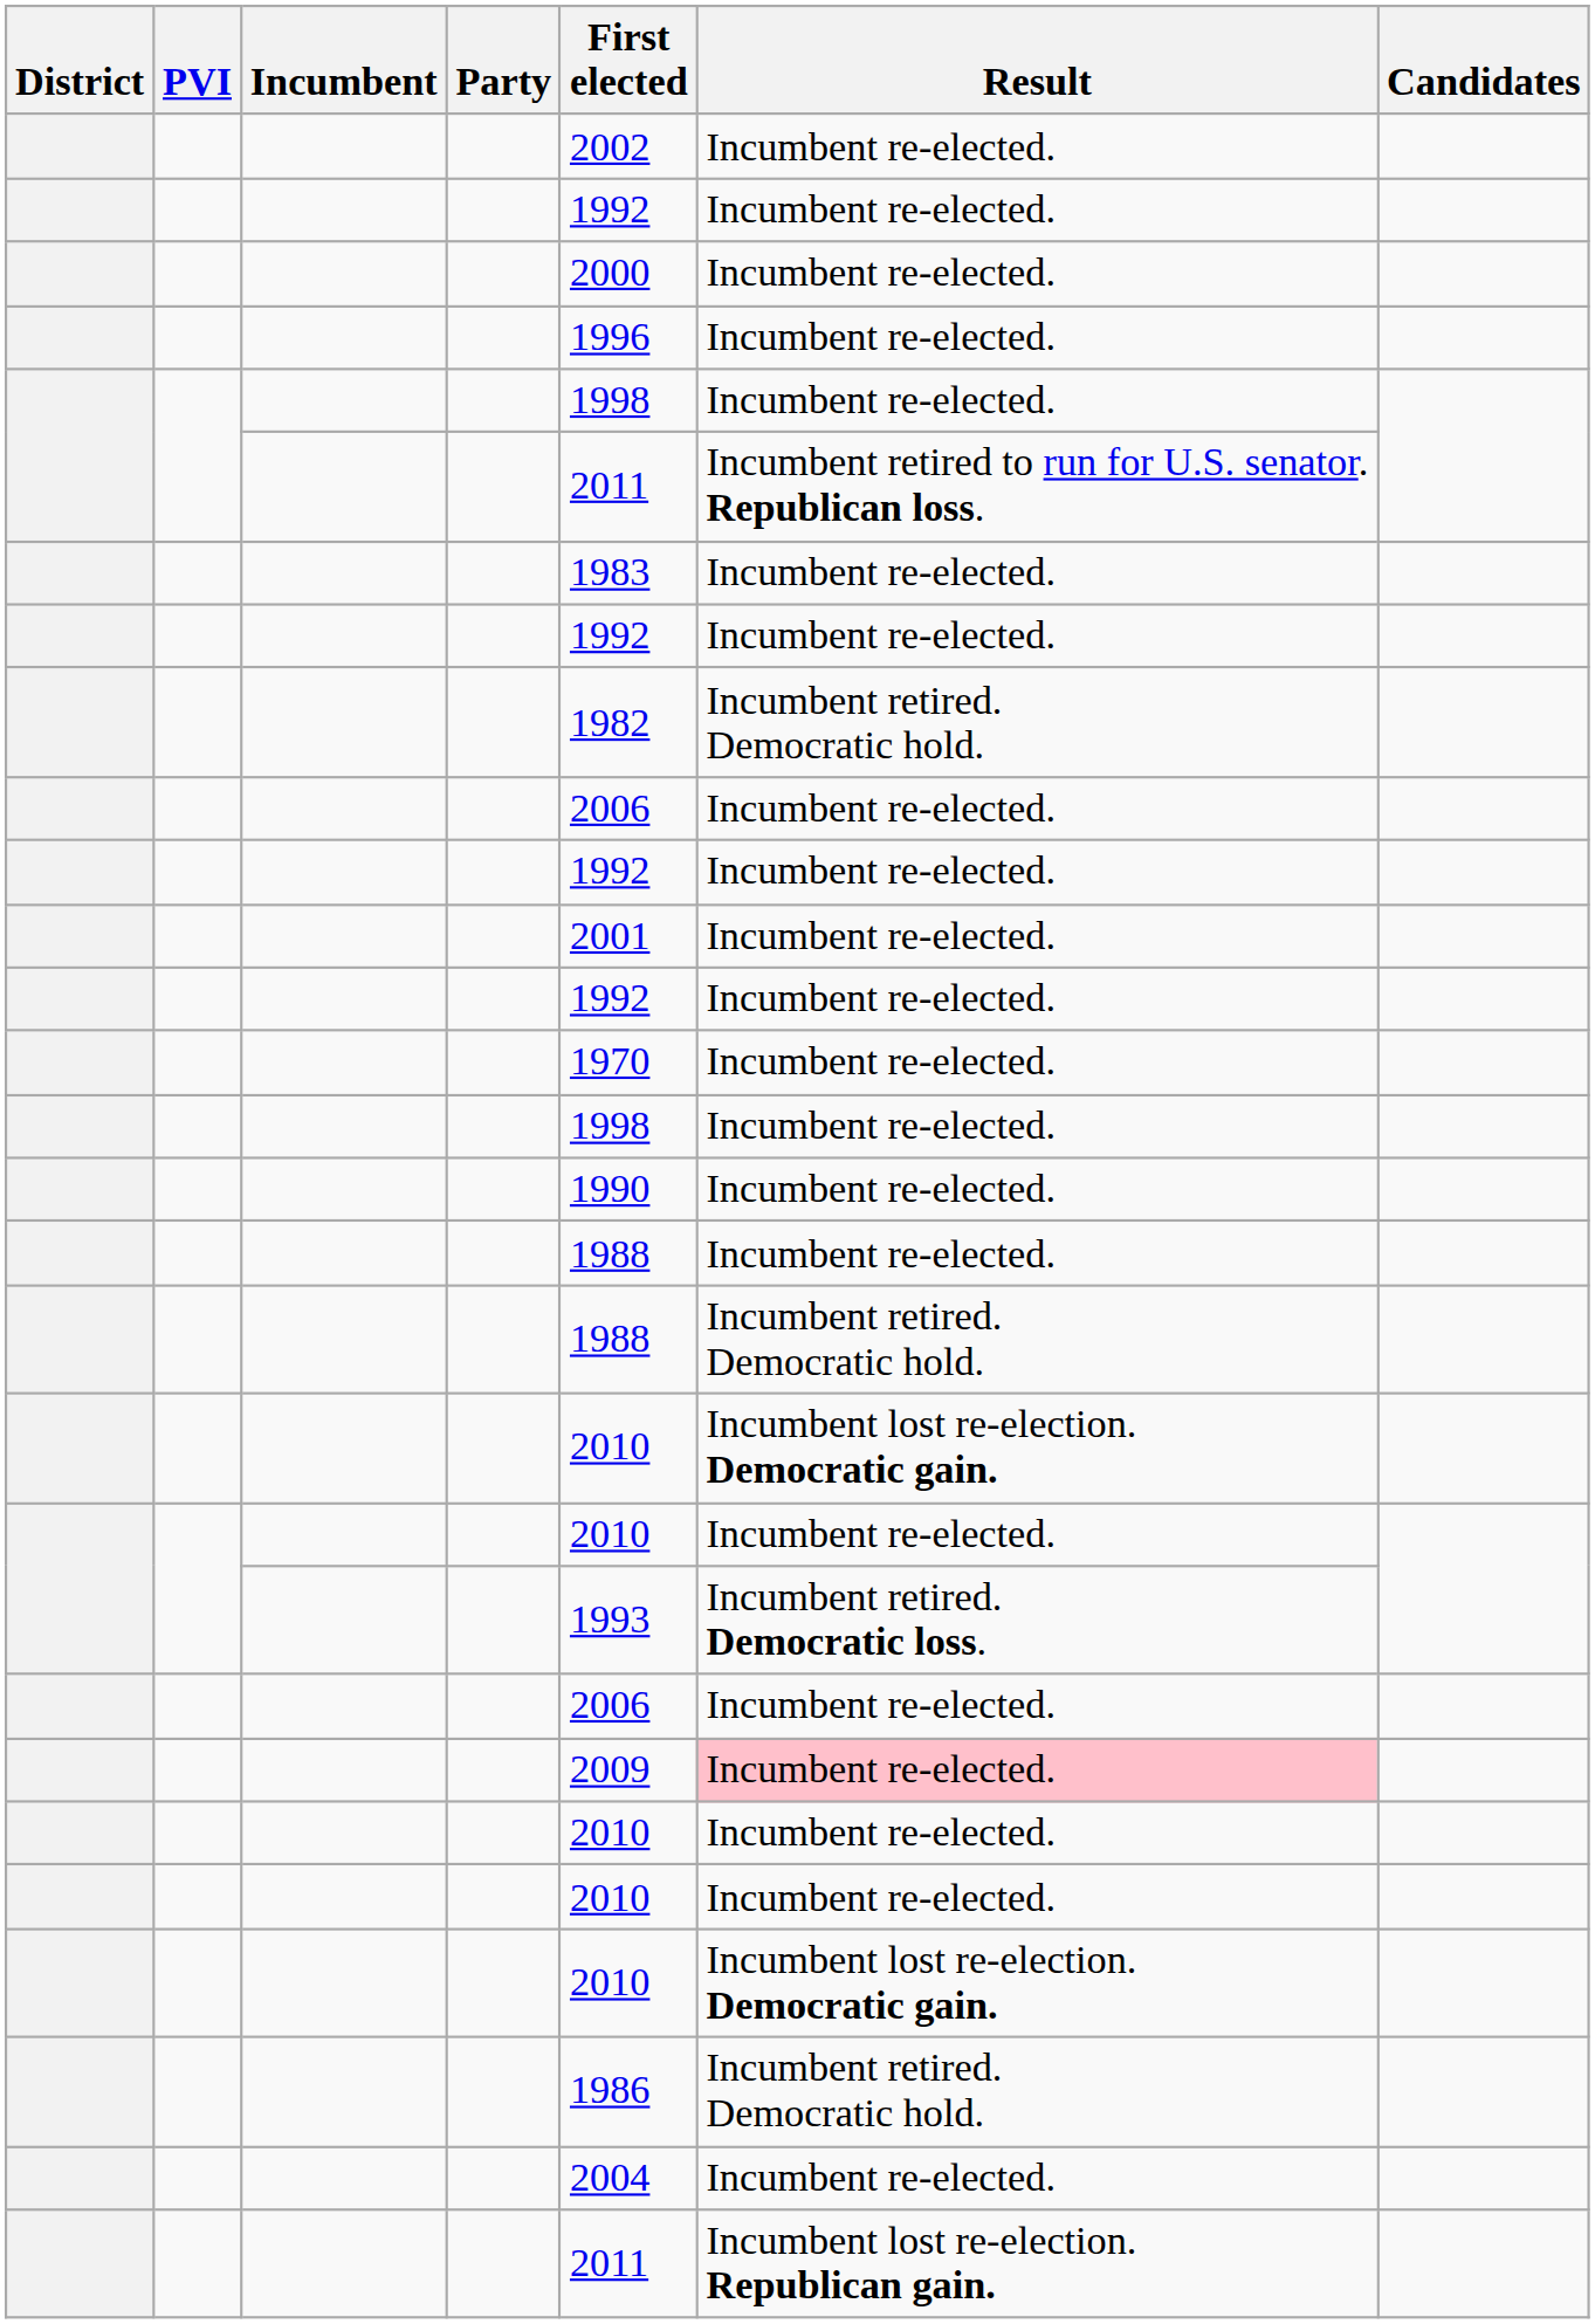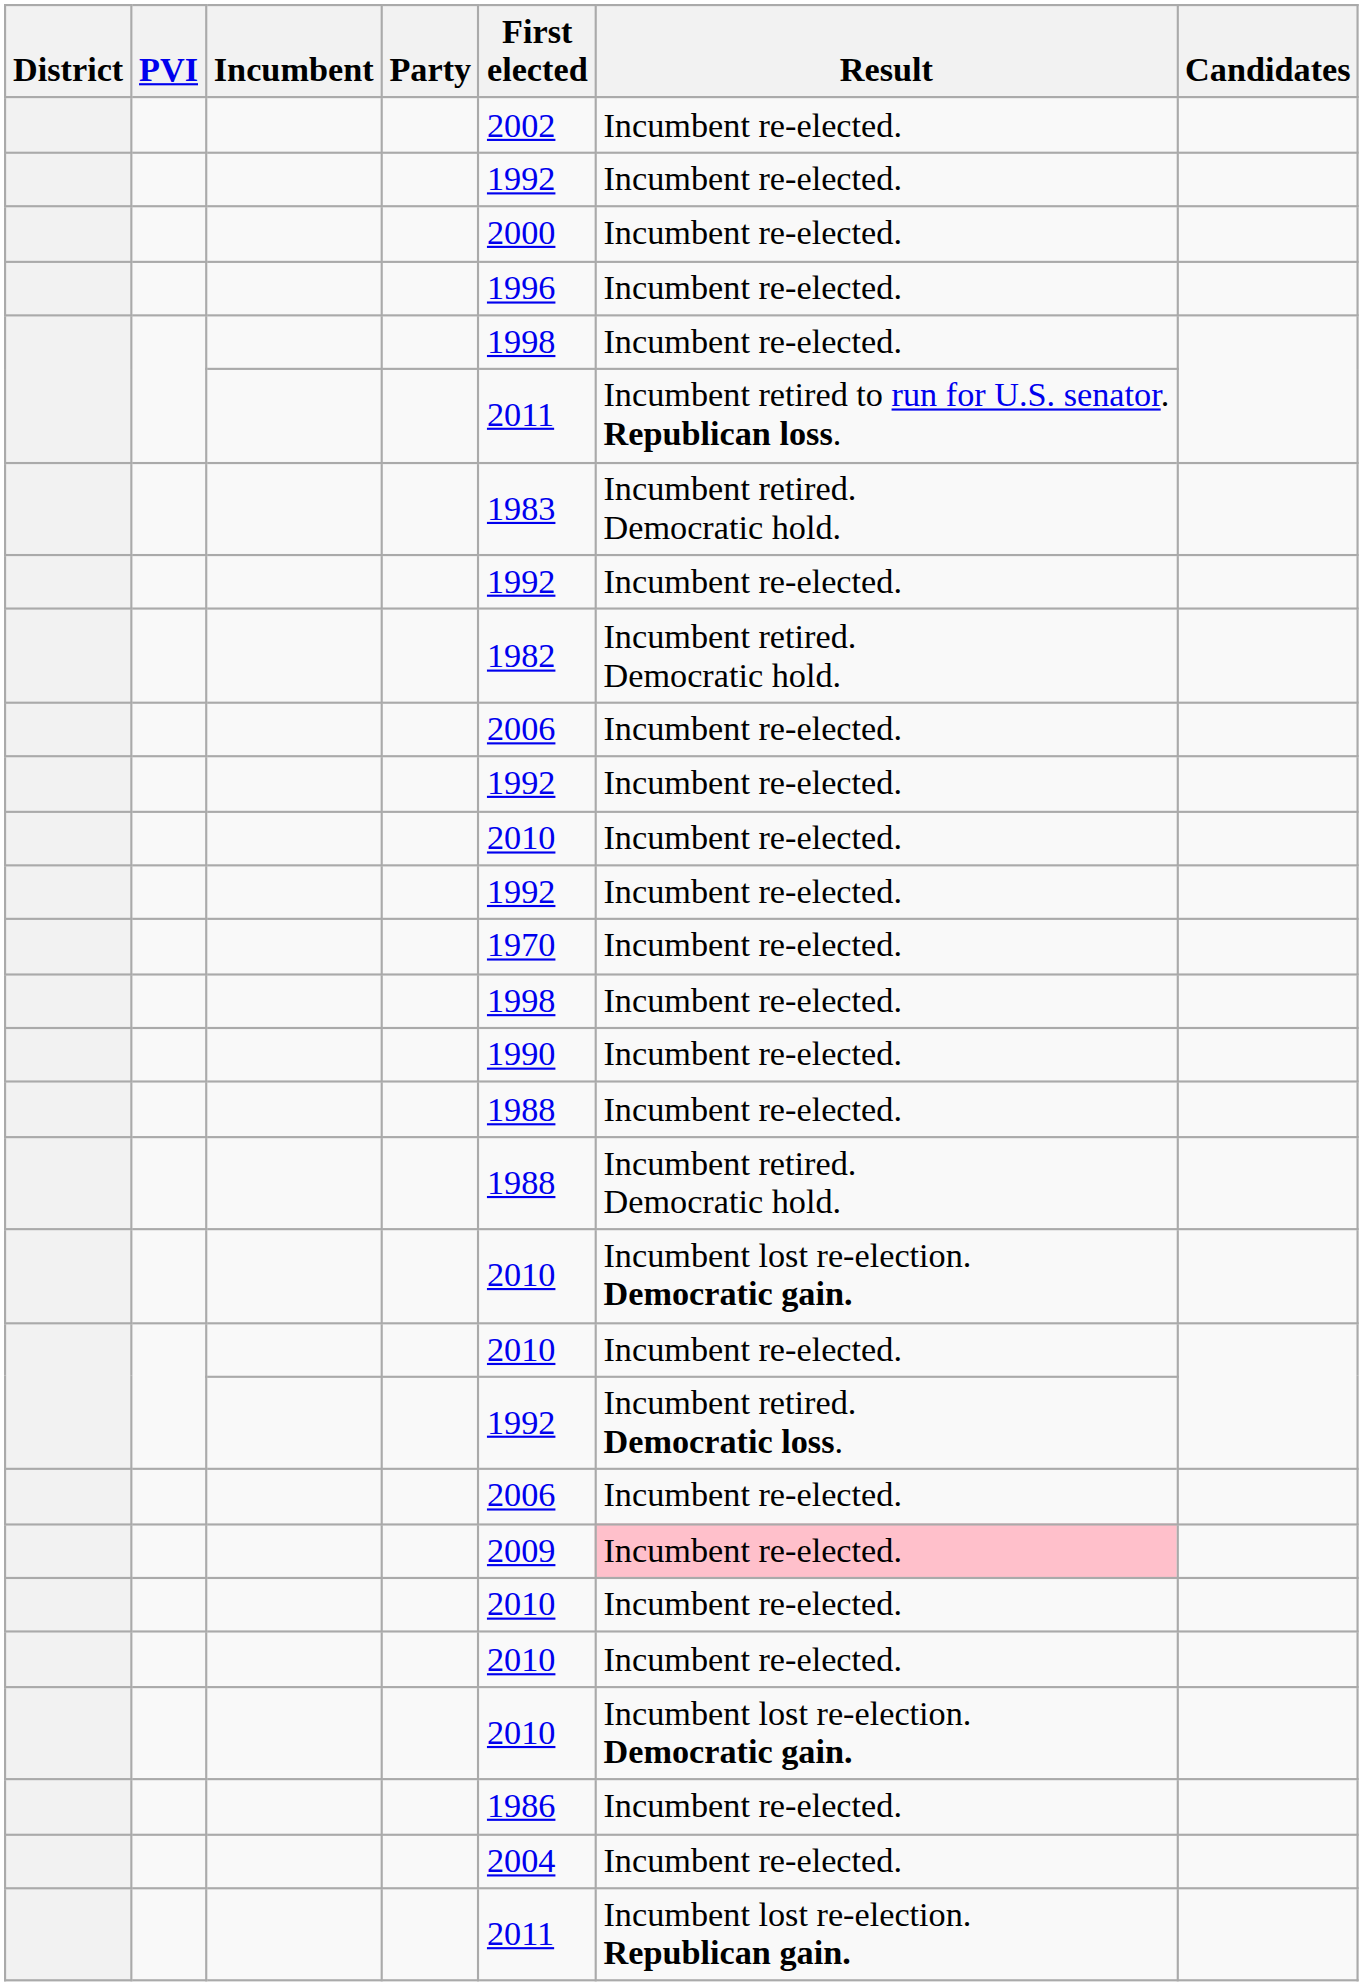 <table class="wikitable sortable">
 <tr valign=bottom>
 <th>District</th>
 <th><a href='#'>PVI</a></th>
 <th>Incumbent</th>
 <th>Party</th>
 <th>First<br>elected</th>
 <th>Result</th>
 <th>Candidates</th>
 </tr>
 <tr>
 <th></th>
 <td></td>
 <td></td>
 <td></td>
 <td><a href='#'>2002</a></td>
 <td>Incumbent re-elected.</td>
 <td nowrap></td>
 </tr>
 <tr>
 <th></th>
 <td></td>
 <td><br></td>
 <td></td>
 <td><a href='#'>1992</a></td>
 <td>Incumbent re-elected.</td>
 <td nowrap></td>
 </tr>
 <tr>
 <th></th>
 <td></td>
 <td><br></td>
 <td></td>
 <td><a href='#'>2000</a></td>
 <td>Incumbent re-elected.</td>
 <td nowrap></td>
 </tr>
 <tr>
 <th></th>
 <td></td>
 <td></td>
 <td></td>
 <td><a href='#'>1996</a></td>
 <td>Incumbent re-elected.</td>
 <td nowrap></td>
 </tr>
 <tr>
 <th rowspan=2></th>
 <td rowspan=2 ></td>
 <td><br></td>
 <td></td>
 <td><a href='#'>1998 </a></td>
 <td>Incumbent re-elected.</td>
 <td rowspan=2></td>
 </tr>
 <tr>
 <td><br></td>
 <td></td>
 <td><a href='#'>2011 </a></td>
 <td>Incumbent retired to <a href='#'>run for U.S. senator</a>.<br><strong>Republican loss</strong>.</td>
 </tr>
 <tr>
 <th></th>
 <td></td>
 <td><br></td>
 <td></td>
 <td><a href='#'>1983 </a></td>
-<td>Incumbent re-elected.</td>
+<td>Incumbent retired.<br>Democratic hold.</td>
 <td nowrap></td>
 </tr>
 <tr>
 <th></th>
 <td></td>
 <td><br></td>
 <td></td>
 <td><a href='#'>1992</a></td>
 <td>Incumbent re-elected.</td>
 <td nowrap></td>
 </tr>
 <tr>
 <th></th>
 <td></td>
 <td><br></td>
 <td></td>
 <td><a href='#'>1982</a></td>
 <td>Incumbent retired.<br>Democratic hold.</td>
 <td nowrap></td>
 </tr>
 <tr>
 <th></th>
 <td></td>
 <td><br></td>
 <td></td>
 <td><a href='#'>2006</a></td>
 <td>Incumbent re-elected.</td>
 <td nowrap></td>
 </tr>
 <tr>
 <th></th>
 <td></td>
 <td><br></td>
 <td></td>
 <td><a href='#'>1992</a></td>
 <td>Incumbent re-elected.</td>
 <td nowrap></td>
 </tr>
 <tr>
 <th></th>
 <td></td>
 <td><br></td>
 <td></td>
-<td><a href='#'>2001</a></td>
+<td><a href='#'>2010</a></td>
 <td>Incumbent re-elected.</td>
 <td nowrap></td>
 </tr>
 <tr>
 <th></th>
 <td></td>
 <td><br></td>
 <td></td>
 <td><a href='#'>1992</a></td>
 <td>Incumbent re-elected.</td>
 <td nowrap></td>
 </tr>
 <tr>
 <th></th>
 <td></td>
 <td><br></td>
 <td></td>
 <td><a href='#'>1970</a></td>
 <td>Incumbent re-elected.</td>
 <td nowrap></td>
 </tr>
 <tr>
 <th></th>
 <td></td>
 <td><br></td>
 <td></td>
 <td><a href='#'>1998</a></td>
 <td>Incumbent re-elected.</td>
 <td nowrap></td>
 </tr>
 <tr>
 <th></th>
 <td></td>
 <td><br></td>
 <td></td>
 <td><a href='#'>1990</a></td>
 <td>Incumbent re-elected.</td>
 <td nowrap></td>
 </tr>
 <tr>
 <th></th>
 <td></td>
 <td><br></td>
 <td></td>
 <td><a href='#'>1988</a></td>
 <td>Incumbent re-elected.</td>
 <td nowrap></td>
 </tr>
 <tr>
 <th></th>
 <td></td>
 <td><br></td>
 <td></td>
 <td><a href='#'>1988</a></td>
 <td>Incumbent retired.<br>Democratic hold.</td>
 <td nowrap></td>
 </tr>
 <tr>
 <th></th>
 <td></td>
 <td><br></td>
 <td></td>
 <td><a href='#'>2010</a></td>
 <td>Incumbent lost re-election.<br><strong>Democratic gain.</strong></td>
 <td nowrap></td>
 </tr>
 <tr>
 <th rowspan=2></th>
 <td rowspan=2></td>
 <td><br></td>
 <td></td>
 <td><a href='#'>2010</a></td>
 <td>Incumbent re-elected.</td>
 <td rowspan=2 nowrap></td>
 </tr>
 <tr>
 <td><br></td>
 <td></td>
-<td><a href='#'>1993</a></td>
+<td><a href='#'>1992</a></td>
 <td>Incumbent retired. <br><strong>Democratic loss</strong>.</td>
 </tr>
 <tr>
 <th></th>
 <td></td>
 <td><br></td>
 <td></td>
 <td><a href='#'>2006</a></td>
 <td>Incumbent re-elected.</td>
 <td nowrap></td>
 </tr>
 <tr>
 <th></th>
 <td></td>
 <td><br></td>
 <td></td>
 <td><a href='#'>2009 </a></td>
 <td style="background: pink;">Incumbent re-elected.</td>
 <td nowrap></td>
 </tr>
 <tr>
 <th></th>
 <td></td>
 <td><br></td>
 <td></td>
 <td><a href='#'>2010</a></td>
 <td>Incumbent re-elected.</td>
 <td nowrap></td>
 </tr>
 <tr>
 <th></th>
 <td></td>
 <td><br></td>
 <td></td>
 <td><a href='#'>2010 </a></td>
 <td>Incumbent re-elected.</td>
 <td nowrap></td>
 </tr>
 <tr>
 <th></th>
 <td></td>
 <td><br></td>
 <td></td>
 <td><a href='#'>2010</a></td>
 <td>Incumbent lost re-election.<br><strong>Democratic gain.</strong></td>
 <td nowrap></td>
 </tr>
 <tr>
 <th></th>
 <td></td>
 <td><br></td>
 <td></td>
 <td><a href='#'>1986</a></td>
-<td>Incumbent retired.<br>Democratic hold.</td>
+<td>Incumbent re-elected.</td>
 <td nowrap></td>
 </tr>
 <tr>
 <th></th>
 <td></td>
 <td><br></td>
 <td></td>
 <td><a href='#'>2004</a></td>
 <td>Incumbent re-elected.</td>
 <td nowrap></td>
 </tr>
 <tr>
 <th></th>
 <td></td>
 <td><br></td>
 <td></td>
 <td><a href='#'>2011 </a></td>
 <td>Incumbent lost re-election.<br><strong>Republican gain.</strong></td>
 <td nowrap></td>
 </tr>
 </table>
